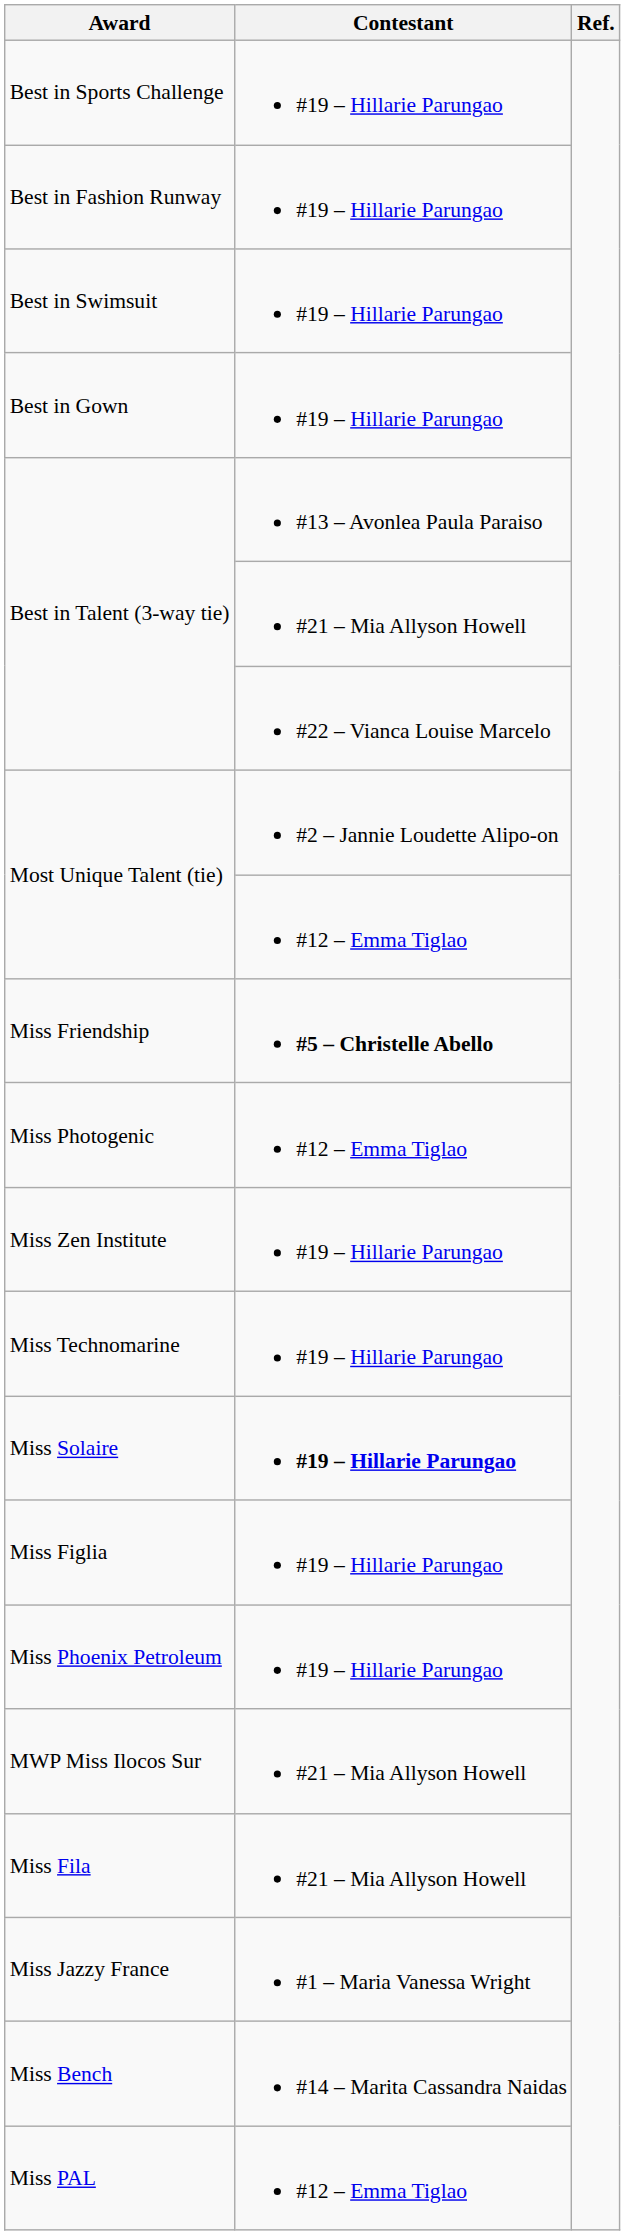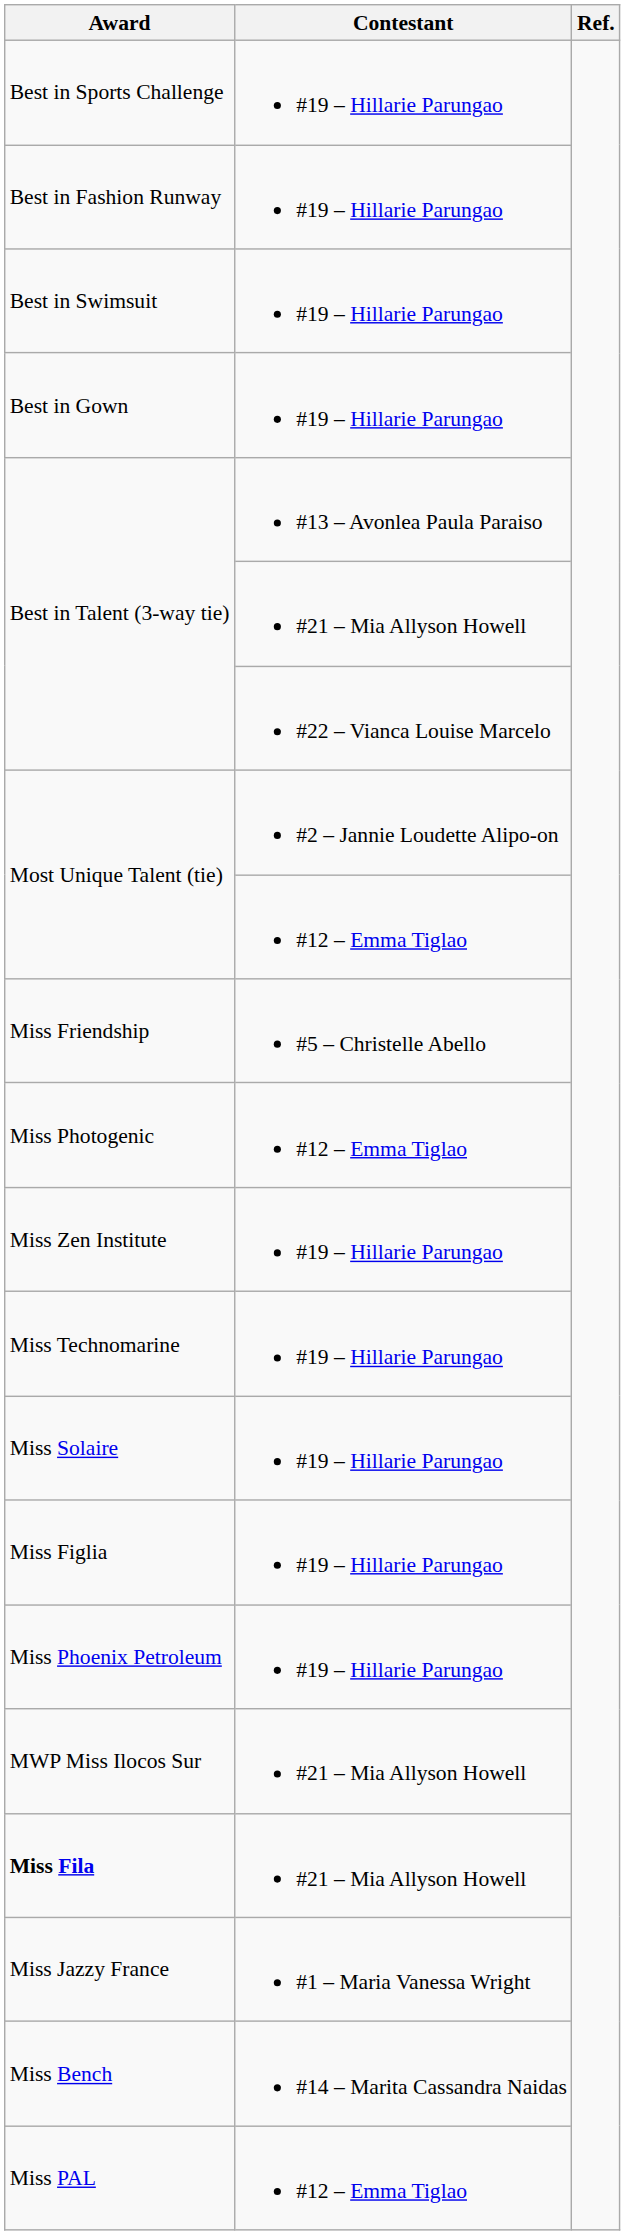 <table class="wikitable sortable" style="font-size: 95%;">
 <tr>
 <th>Award</th>
 <th>Contestant</th>
 <th>Ref.</th>
 </tr>
 <tr>
 <td>Best in Sports Challenge</td>
 <td><br><ul><li>#19 – <a href='#'>Hillarie Parungao</a></li></ul></td>
 <td rowspan="21"></td>
 </tr>
 <tr>
 <td>Best in Fashion Runway</td>
 <td><br><ul><li>#19 – <a href='#'>Hillarie Parungao</a></li></ul></td>
 </tr>
 <tr>
 <td>Best in Swimsuit</td>
 <td><br><ul><li>#19 – <a href='#'>Hillarie Parungao</a></li></ul></td>
 </tr>
 <tr>
 <td>Best in Gown</td>
 <td><br><ul><li>#19 – <a href='#'>Hillarie Parungao</a></li></ul></td>
 </tr>
 <tr>
 <td rowspan="3">Best in Talent  (3-way tie)</td>
 <td><br><ul><li>#13 – Avonlea Paula Paraiso</li></ul></td>
 </tr>
 <tr>
 <td><br><ul><li>#21 – Mia Allyson Howell</li></ul></td>
 </tr>
 <tr>
 <td><br><ul><li>#22 – Vianca Louise Marcelo</li></ul></td>
 </tr>
 <tr>
 <td rowspan="2">Most Unique Talent (tie)</td>
 <td><br><ul><li>#2 – Jannie Loudette Alipo-on</li></ul></td>
 </tr>
 <tr>
 <td><br><ul><li>#12 – <a href='#'>Emma Tiglao</a></li></ul></td>
 </tr>
 <tr>
 <td>Miss Friendship</td>
-<td><strong><br><ul><li>#5 – Christelle Abello</li></ul></strong></td>
+<td><br><ul><li>#5 – Christelle Abello</li></ul></td>
 </tr>
 <tr>
 <td>Miss Photogenic</td>
 <td><br><ul><li>#12 – <a href='#'>Emma Tiglao</a></li></ul></td>
 </tr>
 <tr>
 <td>Miss Zen Institute</td>
 <td><br><ul><li>#19 – <a href='#'>Hillarie Parungao</a></li></ul></td>
 </tr>
 <tr>
 <td>Miss Technomarine</td>
 <td><br><ul><li>#19 – <a href='#'>Hillarie Parungao</a></li></ul></td>
 </tr>
 <tr>
 <td>Miss <a href='#'>Solaire</a></td>
-<td><strong><br><ul><li>#19 – <a href='#'>Hillarie Parungao</a></li></ul></strong></td>
+<td><br><ul><li>#19 – <a href='#'>Hillarie Parungao</a></li></ul></td>
 </tr>
 <tr>
 <td>Miss Figlia</td>
 <td><br><ul><li>#19 – <a href='#'>Hillarie Parungao</a></li></ul></td>
 </tr>
 <tr>
 <td>Miss <a href='#'>Phoenix Petroleum</a></td>
 <td><br><ul><li>#19 – <a href='#'>Hillarie Parungao</a></li></ul></td>
 </tr>
 <tr>
 <td>MWP Miss Ilocos Sur</td>
 <td><br><ul><li>#21 – Mia Allyson Howell</li></ul></td>
 </tr>
 <tr>
-<td>Miss <a href='#'>Fila</a></td>
+<td><strong>Miss <a href='#'>Fila</a></strong></td>
 <td><br><ul><li>#21 – Mia Allyson Howell</li></ul></td>
 </tr>
 <tr>
 <td>Miss Jazzy France</td>
 <td><br><ul><li>#1 – Maria Vanessa Wright</li></ul></td>
 </tr>
 <tr>
 <td>Miss <a href='#'>Bench</a></td>
 <td><br><ul><li>#14 – Marita Cassandra Naidas</li></ul></td>
 </tr>
 <tr>
 <td>Miss <a href='#'>PAL</a></td>
 <td><br><ul><li>#12 – <a href='#'>Emma Tiglao</a></li></ul></td>
 </tr>
 </table>
